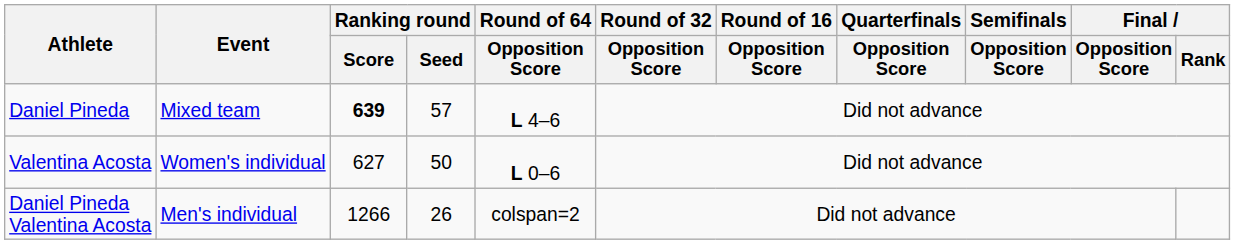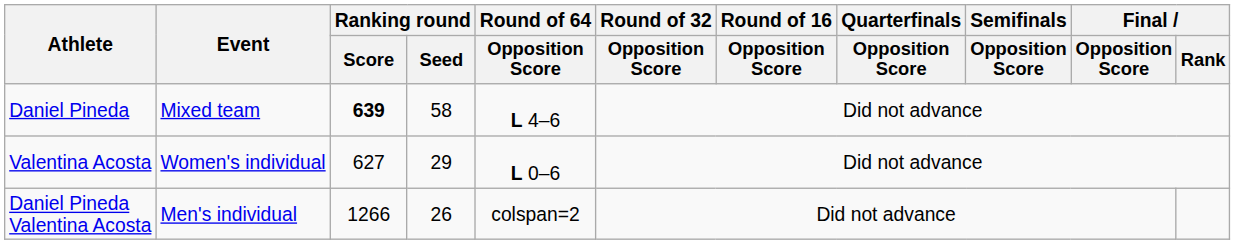 <table class="wikitable" style="font-size:90%">
 <tr>
 <th rowspan=2>Athlete</th>
 <th rowspan=2>Event</th>
 <th colspan="2">Ranking round</th>
 <th>Round of 64</th>
 <th>Round of 32</th>
 <th>Round of 16</th>
 <th>Quarterfinals</th>
 <th>Semifinals</th>
 <th colspan="2">Final / </th>
 </tr>
 <tr style="font-size:95%">
 <th>Score</th>
 <th>Seed</th>
 <th>Opposition<br>Score</th>
 <th>Opposition<br>Score</th>
 <th>Opposition<br>Score</th>
 <th>Opposition<br>Score</th>
 <th>Opposition<br>Score</th>
 <th>Opposition<br>Score</th>
 <th>Rank</th>
 </tr>
 <tr align=center>
 <td align=left><a href='#'>Daniel Pineda</a></td>
 <td align=left><a href='#'>Mixed team</a></td>
 <td><strong>639</strong></td>
-<td>57</td>
+<td>58</td>
 <td><br><strong>L</strong> 4–6</td>
 <td colspan=6>Did not advance</td>
 </tr>
 <tr align=center>
 <td align=left><a href='#'>Valentina Acosta</a></td>
 <td align=left><a href='#'>Women's individual</a></td>
 <td>627</td>
-<td>50</td>
+<td>29</td>
 <td><br> <strong>L</strong> 0–6</td>
 <td colspan=6>Did not advance</td>
 </tr>
 <tr align=center>
 <td align=left><a href='#'>Daniel Pineda</a><br><a href='#'>Valentina Acosta</a></td>
 <td align=left><a href='#'>Men's individual</a></td>
 <td>1266</td>
 <td>26</td>
 <td>colspan=2 </td>
 <td colspan=5>Did not advance</td>
 </tr>
 </table>
